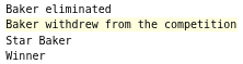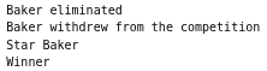 <table>
 <tr>
 <td> Baker eliminated</td>
 </tr>
 <tr>
-<td style="background: lightyellow;"> Baker withdrew from the competition</td>
+<td> Baker withdrew from the competition</td>
 </tr>
 <tr>
 <td> Star Baker</td>
 </tr>
 <tr>
 <td> Winner</td>
 </tr>
 </table>
